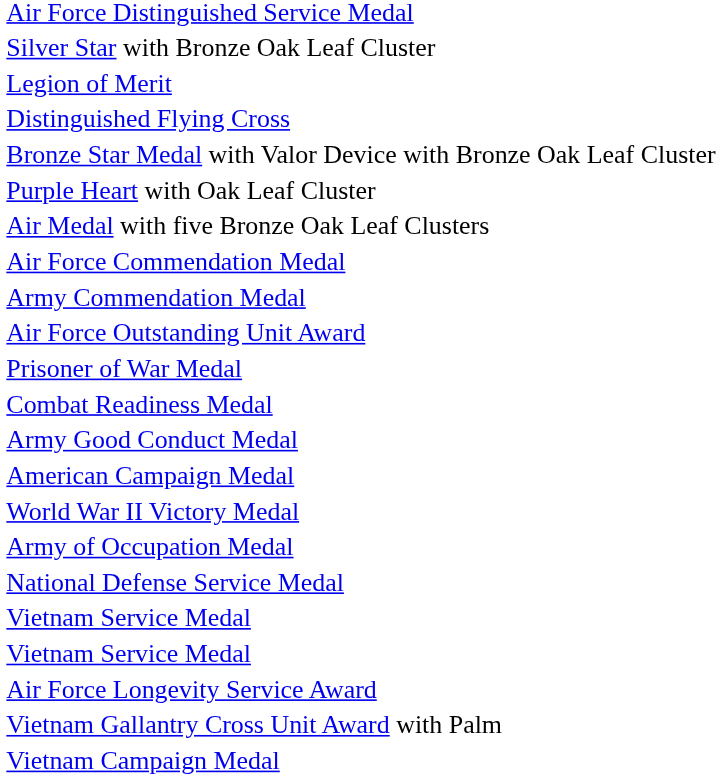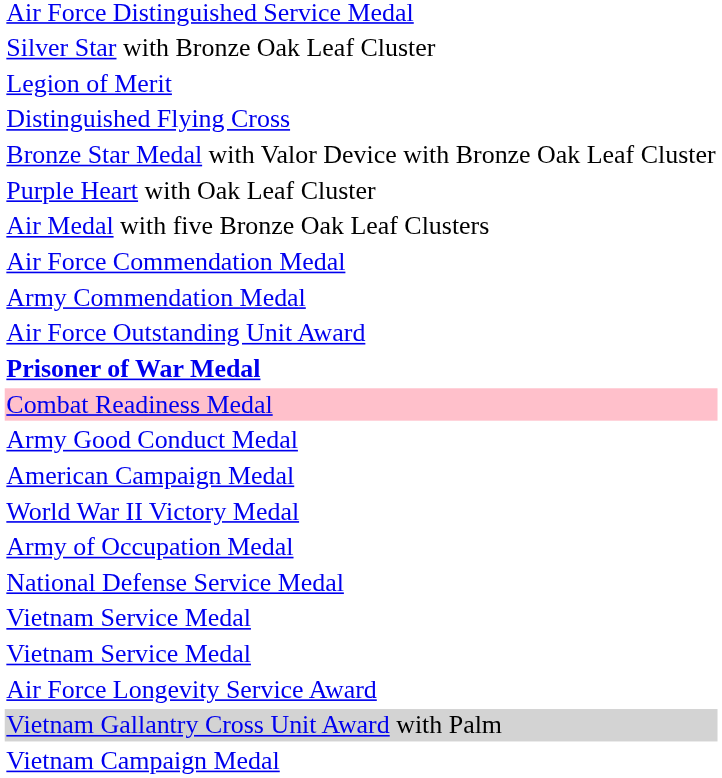 <table>
 <tr>
 <td></td>
 <td><a href='#'>Air Force Distinguished Service Medal</a></td>
 </tr>
 <tr>
 <td></td>
 <td><a href='#'>Silver Star</a> with Bronze Oak Leaf Cluster</td>
 </tr>
 <tr>
 <td></td>
 <td><a href='#'>Legion of Merit</a></td>
 </tr>
 <tr>
 <td></td>
 <td><a href='#'>Distinguished Flying Cross</a></td>
 </tr>
 <tr>
 <td></td>
 <td><a href='#'>Bronze Star Medal</a> with Valor Device with Bronze Oak Leaf Cluster</td>
 </tr>
 <tr>
 <td></td>
 <td><a href='#'>Purple Heart</a> with Oak Leaf Cluster</td>
 </tr>
 <tr>
 <td></td>
 <td><a href='#'>Air Medal</a> with five Bronze Oak Leaf Clusters</td>
 </tr>
 <tr>
 <td></td>
 <td><a href='#'>Air Force Commendation Medal</a></td>
 </tr>
 <tr>
 <td></td>
 <td><a href='#'>Army Commendation Medal</a></td>
 </tr>
 <tr>
 <td></td>
 <td><a href='#'>Air Force Outstanding Unit Award</a></td>
 </tr>
 <tr>
 <td></td>
-<td><a href='#'>Prisoner of War Medal</a></td>
+<td><strong><a href='#'>Prisoner of War Medal</a></strong></td>
 </tr>
 <tr>
 <td></td>
-<td><a href='#'>Combat Readiness Medal</a></td>
+<td style="background: pink;"><a href='#'>Combat Readiness Medal</a></td>
 </tr>
 <tr>
 <td></td>
 <td><a href='#'>Army Good Conduct Medal</a></td>
 </tr>
 <tr>
 <td></td>
 <td><a href='#'>American Campaign Medal</a></td>
 </tr>
 <tr>
 <td></td>
 <td><a href='#'>World War II Victory Medal</a></td>
 </tr>
 <tr>
 <td></td>
 <td><a href='#'>Army of Occupation Medal</a></td>
 </tr>
 <tr>
 <td></td>
 <td><a href='#'>National Defense Service Medal</a></td>
 </tr>
 <tr>
 <td></td>
 <td><a href='#'>Vietnam Service Medal</a></td>
 </tr>
 <tr>
 <td></td>
 <td><a href='#'>Vietnam Service Medal</a></td>
 </tr>
 <tr>
 <td></td>
 <td><a href='#'>Air Force Longevity Service Award</a></td>
 </tr>
 <tr>
 <td></td>
-<td><a href='#'>Vietnam Gallantry Cross Unit Award</a> with Palm</td>
+<td style="background: lightgrey;"><a href='#'>Vietnam Gallantry Cross Unit Award</a> with Palm</td>
 </tr>
 <tr>
 <td></td>
 <td><a href='#'>Vietnam Campaign Medal</a></td>
 </tr>
 <tr>
 <td></td>
 </tr>
 </table>
